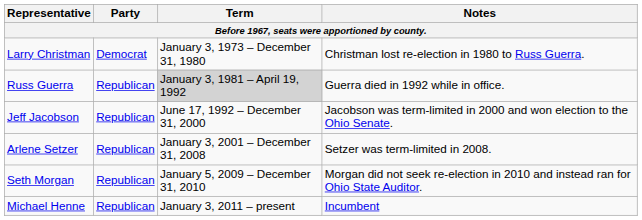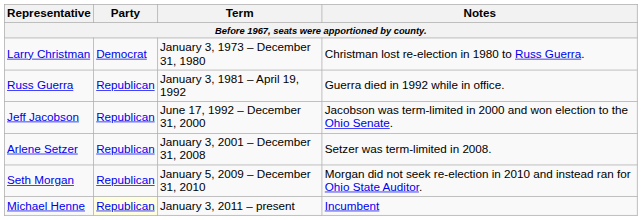 <table class=wikitable>
 <tr valign=bottom>
 <th>Representative</th>
 <th>Party</th>
 <th>Term</th>
 <th>Notes</th>
 </tr>
 <tr>
 <th colspan=5 style="font-size: 80%;"><em>Before 1967, seats were apportioned by county.</em></th>
 </tr>
 <tr>
 <td><a href='#'>Larry Christman</a></td>
 <td><a href='#'>Democrat</a></td>
 <td>January 3, 1973 – December 31, 1980</td>
 <td>Christman lost re-election in 1980 to <a href='#'>Russ Guerra</a>.</td>
 </tr>
 <tr>
 <td><a href='#'>Russ Guerra</a></td>
 <td><a href='#'>Republican</a></td>
-<td style="background: lightgrey;">January 3, 1981 – April 19, 1992</td>
+<td>January 3, 1981 – April 19, 1992</td>
 <td>Guerra died in 1992 while in office.</td>
 </tr>
 <tr>
 <td><a href='#'>Jeff Jacobson</a></td>
 <td><a href='#'>Republican</a></td>
 <td>June 17, 1992 – December 31, 2000</td>
 <td>Jacobson was term-limited in 2000 and won election to the <a href='#'>Ohio Senate</a>.</td>
 </tr>
 <tr>
 <td><a href='#'>Arlene Setzer</a></td>
 <td><a href='#'>Republican</a></td>
 <td>January 3, 2001 – December 31, 2008</td>
 <td>Setzer was term-limited in 2008.</td>
 </tr>
 <tr>
 <td><a href='#'>Seth Morgan</a></td>
 <td><a href='#'>Republican</a></td>
 <td>January 5, 2009 – December 31, 2010</td>
 <td>Morgan did not seek re-election in 2010 and instead ran for <a href='#'>Ohio State Auditor</a>.</td>
 </tr>
 <tr>
 <td><a href='#'>Michael Henne</a></td>
-<td><a href='#'>Republican</a></td>
+<td style="background: lightyellow;"><a href='#'>Republican</a></td>
 <td>January 3, 2011 – present</td>
 <td><a href='#'>Incumbent</a></td>
 </tr>
 </table>
